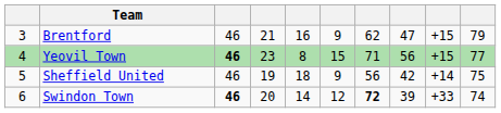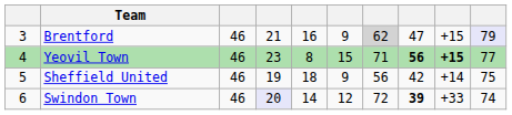 <table class="wikitable" style="text-align:center">
 <tr>
 <th width="30"></th>
 <th width="175">Team</th>
 <th width="30"></th>
 <th width="30"></th>
 <th width="30"></th>
 <th width="30"></th>
 <th width="30"></th>
 <th width="30"></th>
 <th width="30"></th>
 <th width="30"></th>
 </tr>
 <tr>
 <td>3</td>
 <td align=left><a href='#'>Brentford</a></td>
 <td>46</td>
 <td>21</td>
 <td>16</td>
 <td>9</td>
-<td>62</td>
+<td style="background: lightgrey;">62</td>
 <td>47</td>
 <td>+15</td>
-<td>79</td>
+<td style="background: lavender;">79</td>
 </tr>
 <tr style="background:#addfad;">
 <td>4</td>
 <td align=left><a href='#'>Yeovil Town</a></td>
-<td><strong>46</strong></td>
+<td>46</td>
 <td>23</td>
 <td>8</td>
 <td>15</td>
 <td>71</td>
-<td>56</td>
-<td>+15</td>
+<td><strong>56</strong></td>
+<td><strong>+15</strong></td>
 <td>77</td>
 </tr>
 <tr>
 <td>5</td>
 <td align=left><a href='#'>Sheffield United</a></td>
 <td>46</td>
 <td>19</td>
 <td>18</td>
 <td>9</td>
 <td>56</td>
 <td>42</td>
 <td>+14</td>
 <td>75</td>
 </tr>
 <tr>
 <td>6</td>
 <td align=left><a href='#'>Swindon Town</a></td>
-<td><strong>46</strong></td>
-<td>20</td>
+<td>46</td>
+<td style="background: lavender;">20</td>
 <td>14</td>
 <td>12</td>
-<td><strong>72</strong></td>
-<td>39</td>
+<td>72</td>
+<td><strong>39</strong></td>
 <td>+33</td>
 <td>74</td>
 </tr>
 </table>
